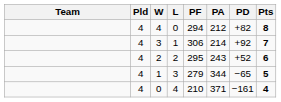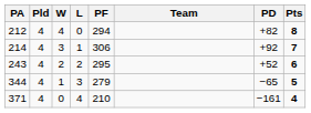 <table class="wikitable" style="text-align:center;">
 <tr>
-<th width=200>Team</th>
+<th width=30>PA</th>
 <th width=20>Pld</th>
 <th width=20>W</th>
 <th width=20>L</th>
 <th width=30>PF</th>
-<th width=30>PA</th>
+<th width=200>Team</th>
 <th width=30>PD</th>
 <th width=20>Pts</th>
 </tr>
 <tr>
-<td align=left></td>
+<td>212</td>
 <td>4</td>
 <td>4</td>
 <td>0</td>
 <td>294</td>
-<td>212</td>
+<td align=left></td>
 <td>+82</td>
 <td><strong>8</strong></td>
 </tr>
 <tr>
-<td align=left></td>
+<td>214</td>
 <td>4</td>
 <td>3</td>
 <td>1</td>
 <td>306</td>
-<td>214</td>
+<td align=left></td>
 <td>+92</td>
 <td><strong>7</strong></td>
 </tr>
 <tr>
-<td align=left></td>
+<td>243</td>
 <td>4</td>
 <td>2</td>
 <td>2</td>
 <td>295</td>
-<td>243</td>
+<td align=left></td>
 <td>+52</td>
 <td><strong>6</strong></td>
 </tr>
 <tr>
-<td align=left></td>
+<td>344</td>
 <td>4</td>
 <td>1</td>
 <td>3</td>
 <td>279</td>
-<td>344</td>
+<td align=left></td>
 <td>−65</td>
 <td><strong>5</strong></td>
 </tr>
 <tr>
-<td align=left></td>
+<td>371</td>
 <td>4</td>
 <td>0</td>
 <td>4</td>
 <td>210</td>
-<td>371</td>
+<td align=left></td>
 <td>−161</td>
 <td><strong>4</strong></td>
 </tr>
 </table>
